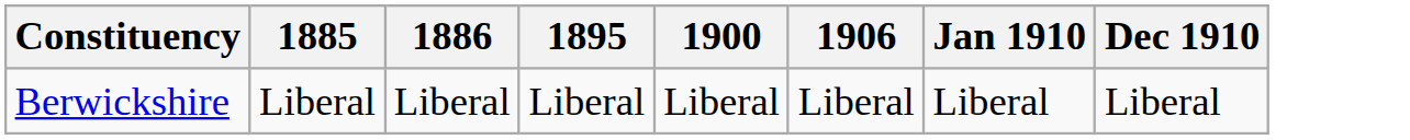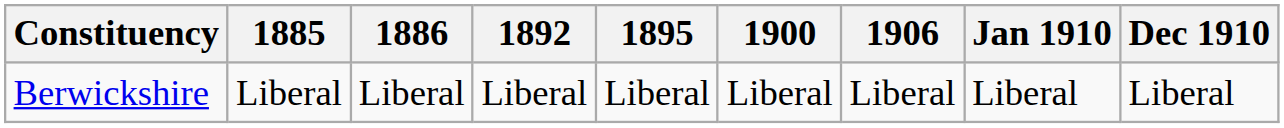 <table class="wikitable">
 <tr>
 <th>Constituency</th>
 <th>1885</th>
 <th>1886</th>
+<th>1892</th>
 <th>1895</th>
 <th>1900</th>
 <th>1906</th>
 <th>Jan 1910</th>
 <th>Dec 1910</th>
 </tr>
 <tr>
 <td><a href='#'>Berwickshire</a></td>
 <td>Liberal</td>
 <td>Liberal</td>
 <td>Liberal</td>
 <td>Liberal</td>
 <td>Liberal</td>
 <td>Liberal</td>
 <td>Liberal</td>
+<td>Liberal</td>
 </tr>
 </table>
